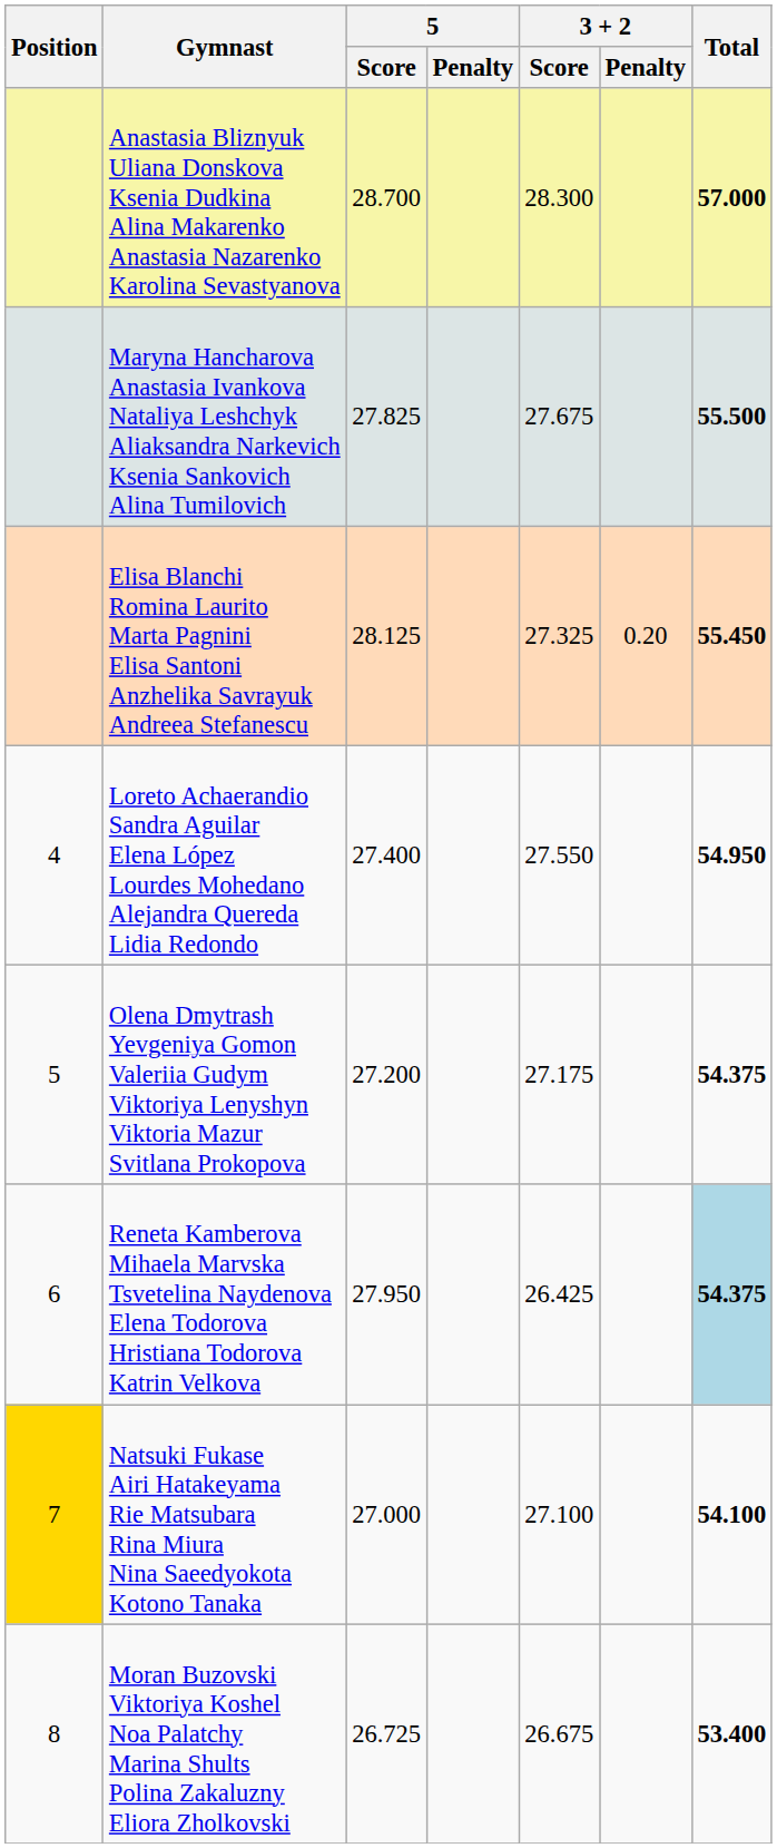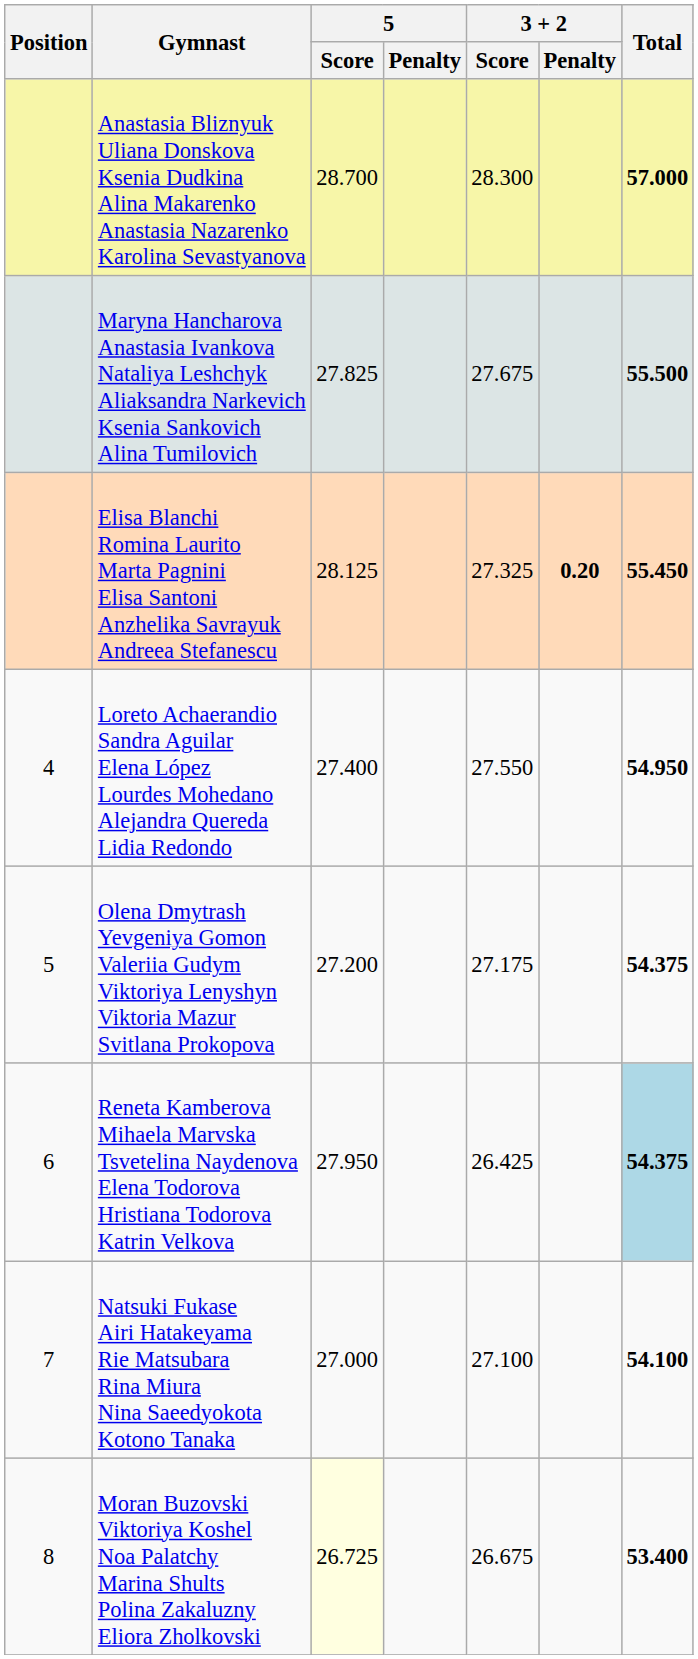 <table class="wikitable sortable" style="text-align:center; font-size:95%">
 <tr>
 <th rowspan="2">Position</th>
 <th rowspan="2">Gymnast</th>
 <th colspan="2">5 </th>
 <th colspan="2">3  + 2 </th>
 <th rowspan="2">Total</th>
 </tr>
 <tr>
 <th>Score</th>
 <th>Penalty</th>
 <th>Score</th>
 <th>Penalty</th>
 </tr>
 <tr style="background:#F7F6A8;">
 <td></td>
 <td align="left"> <br> <a href='#'>Anastasia Bliznyuk</a> <br> <a href='#'>Uliana Donskova</a> <br> <a href='#'>Ksenia Dudkina</a> <br> <a href='#'>Alina Makarenko</a> <br> <a href='#'>Anastasia Nazarenko</a> <br> <a href='#'>Karolina Sevastyanova</a></td>
 <td>28.700</td>
 <td></td>
 <td>28.300</td>
 <td></td>
 <td><strong>57.000</strong></td>
 </tr>
 <tr style="background:#DCE5E5;">
 <td></td>
 <td align="left"> <br> <a href='#'>Maryna Hancharova</a> <br> <a href='#'>Anastasia Ivankova</a> <br> <a href='#'>Nataliya Leshchyk</a> <br> <a href='#'>Aliaksandra Narkevich</a> <br> <a href='#'>Ksenia Sankovich</a> <br> <a href='#'>Alina Tumilovich</a></td>
 <td>27.825</td>
 <td></td>
 <td>27.675</td>
 <td></td>
 <td><strong>55.500</strong></td>
 </tr>
 <tr style="background:#FFDAB9;">
 <td></td>
 <td align="left"> <br> <a href='#'>Elisa Blanchi</a> <br> <a href='#'>Romina Laurito</a> <br> <a href='#'>Marta Pagnini</a> <br> <a href='#'>Elisa Santoni</a> <br> <a href='#'>Anzhelika Savrayuk</a> <br> <a href='#'>Andreea Stefanescu</a></td>
 <td>28.125</td>
 <td></td>
 <td>27.325</td>
-<td>0.20</td>
+<td><strong>0.20</strong></td>
 <td><strong>55.450</strong></td>
 </tr>
 <tr>
 <td>4</td>
 <td align="left"> <br> <a href='#'>Loreto Achaerandio</a> <br> <a href='#'>Sandra Aguilar</a> <br> <a href='#'>Elena López</a> <br> <a href='#'>Lourdes Mohedano</a> <br> <a href='#'>Alejandra Quereda</a> <br> <a href='#'>Lidia Redondo</a></td>
 <td>27.400</td>
 <td></td>
 <td>27.550</td>
 <td></td>
 <td><strong>54.950</strong></td>
 </tr>
 <tr>
 <td>5</td>
 <td align="left"> <br> <a href='#'>Olena Dmytrash</a> <br> <a href='#'>Yevgeniya Gomon</a> <br> <a href='#'>Valeriia Gudym</a> <br> <a href='#'>Viktoriya Lenyshyn</a> <br> <a href='#'>Viktoria Mazur</a> <br> <a href='#'>Svitlana Prokopova</a></td>
 <td>27.200</td>
 <td></td>
 <td>27.175</td>
 <td></td>
 <td><strong>54.375</strong></td>
 </tr>
 <tr>
 <td>6</td>
 <td align="left"> <br> <a href='#'>Reneta Kamberova</a> <br> <a href='#'>Mihaela Marvska</a> <br> <a href='#'>Tsvetelina Naydenova</a> <br> <a href='#'>Elena Todorova</a> <br> <a href='#'>Hristiana Todorova</a> <br> <a href='#'>Katrin Velkova</a></td>
 <td>27.950</td>
 <td></td>
 <td>26.425</td>
 <td></td>
 <td style="background: lightblue;"><strong>54.375</strong></td>
 </tr>
 <tr>
-<td style="background: gold;">7</td>
+<td>7</td>
 <td align="left"> <br> <a href='#'>Natsuki Fukase</a> <br> <a href='#'>Airi Hatakeyama</a> <br> <a href='#'>Rie Matsubara</a> <br> <a href='#'>Rina Miura</a> <br> <a href='#'>Nina Saeedyokota</a> <br> <a href='#'>Kotono Tanaka</a></td>
 <td>27.000</td>
 <td></td>
 <td>27.100</td>
 <td></td>
 <td><strong>54.100</strong></td>
 </tr>
 <tr>
 <td>8</td>
 <td align="left"> <br> <a href='#'>Moran Buzovski</a> <br> <a href='#'>Viktoriya Koshel</a> <br> <a href='#'>Noa Palatchy</a> <br> <a href='#'>Marina Shults</a> <br> <a href='#'>Polina Zakaluzny</a> <br> <a href='#'>Eliora Zholkovski</a></td>
-<td>26.725</td>
+<td style="background: lightyellow;">26.725</td>
 <td></td>
 <td>26.675</td>
 <td></td>
 <td><strong>53.400</strong></td>
 </tr>
 </table>
